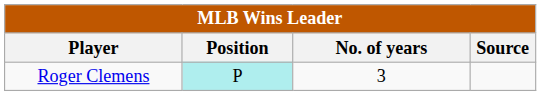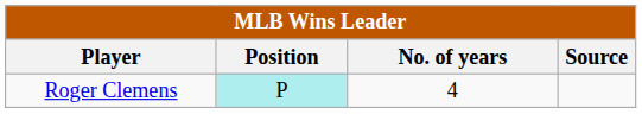 <table class="wikitable" style="text-align:center">
 <tr>
 <td colspan="5" style= "background: #BF5700; color:white"><strong>MLB Wins Leader</strong></td>
 </tr>
 <tr>
 <th style="width:150px; ">Player</th>
 <th style="width:90px; ">Position</th>
 <th style="width:150px; ">No. of years</th>
 <th style="width:50px; ">Source</th>
 </tr>
 <tr>
 <td><a href='#'>Roger Clemens</a></td>
 <td style="background: paleturquoise;">P</td>
-<td>3</td>
+<td>4</td>
 <td></td>
 </tr>
 </table>
